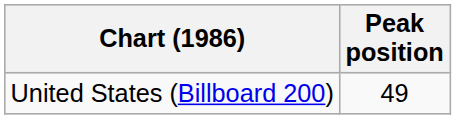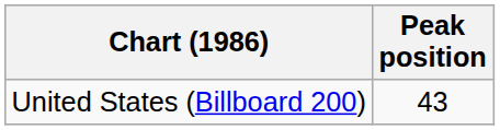 <table class="wikitable">
 <tr>
 <th scope="col">Chart (1986)</th>
 <th>Peak<br>position</th>
 </tr>
 <tr>
 <td>United States (<a href='#'>Billboard 200</a>)</td>
-<td style="text-align:center;">49</td>
+<td style="text-align:center;">43</td>
 </tr>
 </table>
